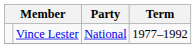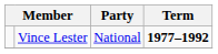 <table class="wikitable">
 <tr>
 <th colspan="2">Member</th>
 <th>Party</th>
 <th>Term</th>
 </tr>
 <tr>
 <td> </td>
 <td><a href='#'>Vince Lester</a></td>
 <td><a href='#'>National</a></td>
-<td>1977–1992</td>
+<td><strong>1977–1992</strong></td>
 </tr>
 <tr>
 </tr>
 </table>
